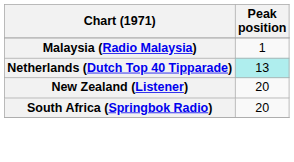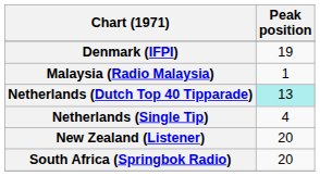 <table class="wikitable sortable plainrowheaders" style="text-align:center">
 <tr>
 <th>Chart (1971)</th>
 <th>Peak<br>position</th>
 </tr>
 <tr>
 </tr>
 <tr>
+<th scope="row">Denmark (<a href='#'>IFPI</a>)</th>
+<td>19</td>
+</tr>
+<tr>
 <th scope="row">Malaysia (<a href='#'>Radio Malaysia</a>)</th>
 <td>1</td>
 </tr>
 <tr>
 <th scope="row">Netherlands (<a href='#'>Dutch Top 40 Tipparade</a>)</th>
 <td style="background: paleturquoise;">13</td>
+</tr>
+<tr>
+<th scope="row">Netherlands (<a href='#'>Single Tip</a>)</th>
+<td>4</td>
 </tr>
 <tr>
 <th scope="row">New Zealand (<a href='#'>Listener</a>)</th>
 <td>20</td>
 </tr>
 <tr>
 <th scope="row">South Africa (<a href='#'>Springbok Radio</a>)</th>
 <td>20</td>
 </tr>
 <tr>
 </tr>
 </table>
